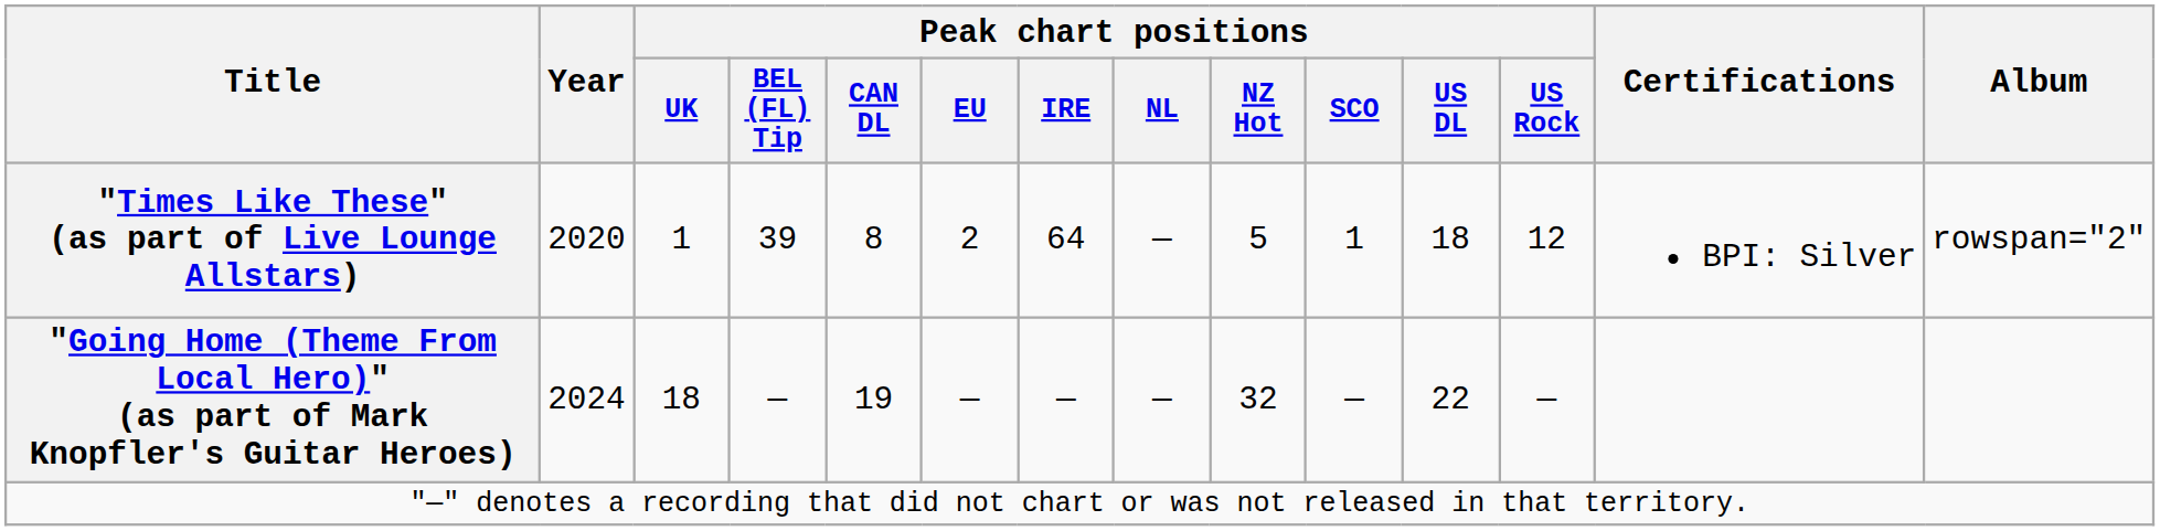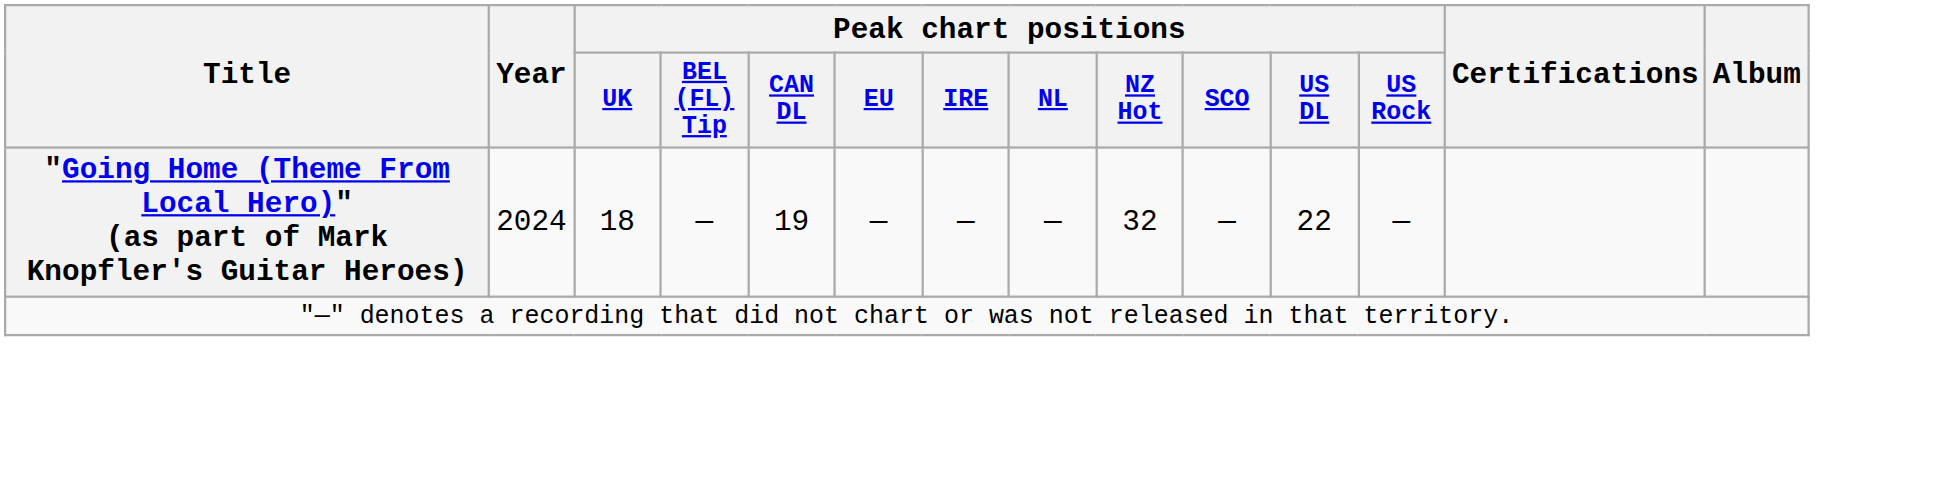 <table class="wikitable plainrowheaders" style="text-align:center;">
 <tr>
 <th scope="col" rowspan="2" style="width:16em;">Title</th>
 <th scope="col" rowspan="2" style="width:1em;">Year</th>
 <th scope="col" colspan="10">Peak chart positions</th>
 <th scope="col" rowspan="2">Certifications</th>
 <th scope="col" rowspan="2">Album</th>
 </tr>
 <tr>
 <th scope="col" style="width:3em;font-size:85%;"><a href='#'>UK</a><br></th>
 <th scope="col" style="width:3em;font-size:85%;"><a href='#'>BEL<br>(FL)<br>Tip</a><br></th>
 <th scope="col" style="width:3em;font-size:85%;"><a href='#'>CAN<br>DL</a><br></th>
 <th scope="col" style="width:3em;font-size:85%;"><a href='#'>EU</a><br></th>
 <th scope="col" style="width:3em;font-size:85%;"><a href='#'>IRE</a><br></th>
 <th scope="col" style="width:3em;font-size:85%;"><a href='#'>NL</a><br></th>
 <th scope="col" style="width:3em;font-size:85%;"><a href='#'>NZ<br>Hot</a><br></th>
 <th scope="col" style="width:3em;font-size:85%;"><a href='#'>SCO</a><br></th>
 <th scope="col" style="width:3em;font-size:85%;"><a href='#'>US<br>DL</a><br></th>
 <th scope="col" style="width:3em;font-size:85%;"><a href='#'>US<br>Rock</a><br></th>
 </tr>
 <tr>
-<th scope="row">"<a href='#'>Times Like These</a>"<br><span>(as part of <a href='#'>Live Lounge Allstars</a>)</span></th>
-<td>2020</td>
-<td>1</td>
-<td>39</td>
-<td>8</td>
-<td>2</td>
-<td>64</td>
-<td>—</td>
-<td>5</td>
-<td>1</td>
-<td>18</td>
-<td>12</td>
-<td><br><ul><li>BPI: Silver</li></ul></td>
-<td>rowspan="2" </td>
-</tr>
-<tr>
 <th scope="row">"<a href='#'>Going Home (Theme From Local Hero)</a>"<br><span>(as part of Mark Knopfler's Guitar Heroes)</span></th>
 <td>2024</td>
 <td>18</td>
 <td>—</td>
 <td>19</td>
 <td>—</td>
 <td>—</td>
 <td>—</td>
 <td>32</td>
 <td>—</td>
 <td>22</td>
 <td>—</td>
 <td></td>
 </tr>
 <tr>
 <td colspan="14" style="font-size:85%">"—" denotes a recording that did not chart or was not released in that territory.</td>
 </tr>
 </table>
